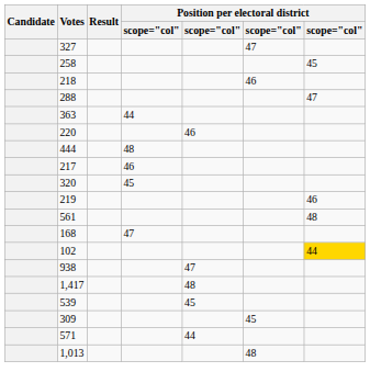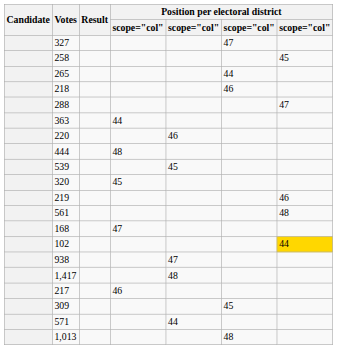 <table class="wikitable sortable defaultright col3left">
 <tr>
 <th scope="col" rowspan="2">Candidate</th>
 <th scope="col" rowspan="2">Votes</th>
 <th scope="col" rowspan="2">Result</th>
 <th scope="col" colspan="4">Position per electoral district</th>
 </tr>
 <tr>
 <th>scope="col" </th>
 <th>scope="col" </th>
 <th>scope="col" </th>
 <th>scope="col" </th>
 </tr>
 <tr>
 <th scope="row"></th>
 <td>327</td>
 <td></td>
 <td></td>
 <td></td>
 <td>47</td>
 <td></td>
 </tr>
 <tr>
 <th scope="row"></th>
 <td>258</td>
 <td></td>
 <td></td>
 <td></td>
 <td></td>
 <td>45</td>
+</tr>
+<tr>
+<th scope="row"></th>
+<td>265</td>
+<td></td>
+<td></td>
+<td></td>
+<td>44</td>
+<td></td>
 </tr>
 <tr>
 <th scope="row"></th>
 <td>218</td>
 <td></td>
 <td></td>
 <td></td>
 <td>46</td>
 <td></td>
 </tr>
 <tr>
 <th scope="row"></th>
 <td>288</td>
 <td></td>
 <td></td>
 <td></td>
 <td></td>
 <td>47</td>
 </tr>
 <tr>
 <th scope="row"></th>
 <td>363</td>
 <td></td>
 <td>44</td>
 <td></td>
 <td></td>
 <td></td>
 </tr>
 <tr>
 <th scope="row"></th>
 <td>220</td>
 <td></td>
 <td></td>
 <td>46</td>
 <td></td>
 <td></td>
 </tr>
 <tr>
 <th scope="row"></th>
 <td>444</td>
 <td></td>
 <td>48</td>
 <td></td>
 <td></td>
 <td></td>
 </tr>
 <tr>
 <th scope="row"></th>
-<td>217</td>
+<td>539</td>
 <td></td>
-<td>46</td>
 <td></td>
+<td>45</td>
 <td></td>
 <td></td>
 </tr>
 <tr>
 <th scope="row"></th>
 <td>320</td>
 <td></td>
 <td>45</td>
 <td></td>
 <td></td>
 <td></td>
 </tr>
 <tr>
 <th scope="row"></th>
 <td>219</td>
 <td></td>
 <td></td>
 <td></td>
 <td></td>
 <td>46</td>
 </tr>
 <tr>
 <th scope="row"></th>
 <td>561</td>
 <td></td>
 <td></td>
 <td></td>
 <td></td>
 <td>48</td>
 </tr>
 <tr>
 <th scope="row"></th>
 <td>168</td>
 <td></td>
 <td>47</td>
 <td></td>
 <td></td>
 <td></td>
 </tr>
 <tr>
 <th scope="row"></th>
 <td>102</td>
 <td></td>
 <td></td>
 <td></td>
 <td></td>
 <td style="background: gold;">44</td>
 </tr>
 <tr>
 <th scope="row"></th>
 <td>938</td>
 <td></td>
 <td></td>
 <td>47</td>
 <td></td>
 <td></td>
 </tr>
 <tr>
 <th scope="row"></th>
 <td>1,417</td>
 <td></td>
 <td></td>
 <td>48</td>
 <td></td>
 <td></td>
 </tr>
 <tr>
 <th scope="row"></th>
-<td>539</td>
+<td>217</td>
 <td></td>
+<td>46</td>
 <td></td>
-<td>45</td>
 <td></td>
 <td></td>
 </tr>
 <tr>
 <th scope="row"></th>
 <td>309</td>
 <td></td>
 <td></td>
 <td></td>
 <td>45</td>
 <td></td>
 </tr>
 <tr>
 <th scope="row"></th>
 <td>571</td>
 <td></td>
 <td></td>
 <td>44</td>
 <td></td>
 <td></td>
 </tr>
 <tr>
 <th scope="row"></th>
 <td>1,013</td>
 <td></td>
 <td></td>
 <td></td>
 <td>48</td>
 <td></td>
 </tr>
 </table>
